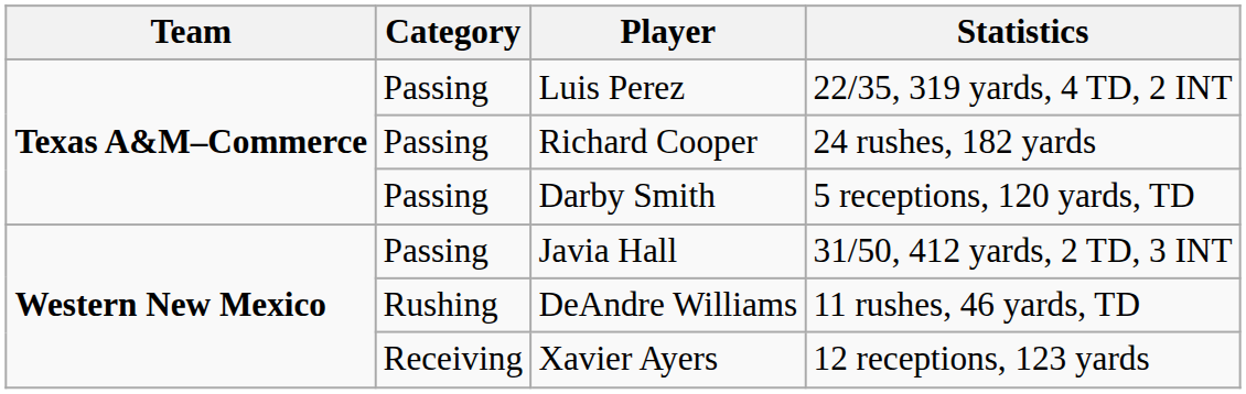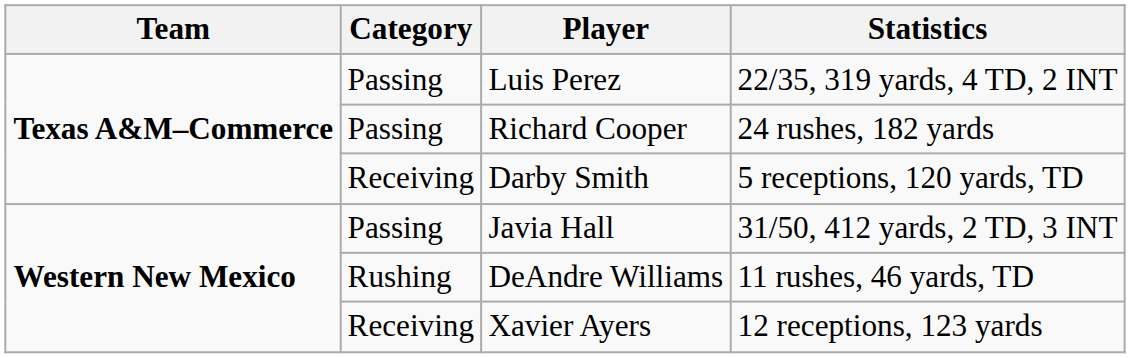 <table class="wikitable" style="float: right;">
 <tr>
 <th>Team</th>
 <th>Category</th>
 <th>Player</th>
 <th>Statistics</th>
 </tr>
 <tr>
 <td rowspan=3><strong>Texas A&M–Commerce</strong></td>
 <td>Passing</td>
 <td>Luis Perez</td>
 <td>22/35, 319 yards, 4 TD, 2 INT</td>
 </tr>
 <tr>
 <td>Passing</td>
 <td>Richard Cooper</td>
 <td>24 rushes, 182 yards</td>
 </tr>
 <tr>
-<td>Passing</td>
+<td>Receiving</td>
 <td>Darby Smith</td>
 <td>5 receptions, 120 yards, TD</td>
 </tr>
 <tr>
 <td rowspan=3><strong>Western New Mexico</strong></td>
 <td>Passing</td>
 <td>Javia Hall</td>
 <td>31/50, 412 yards, 2 TD, 3 INT</td>
 </tr>
 <tr>
 <td>Rushing</td>
 <td>DeAndre Williams</td>
 <td>11 rushes, 46 yards, TD</td>
 </tr>
 <tr>
 <td>Receiving</td>
 <td>Xavier Ayers</td>
 <td>12 receptions, 123 yards</td>
 </tr>
 </table>
